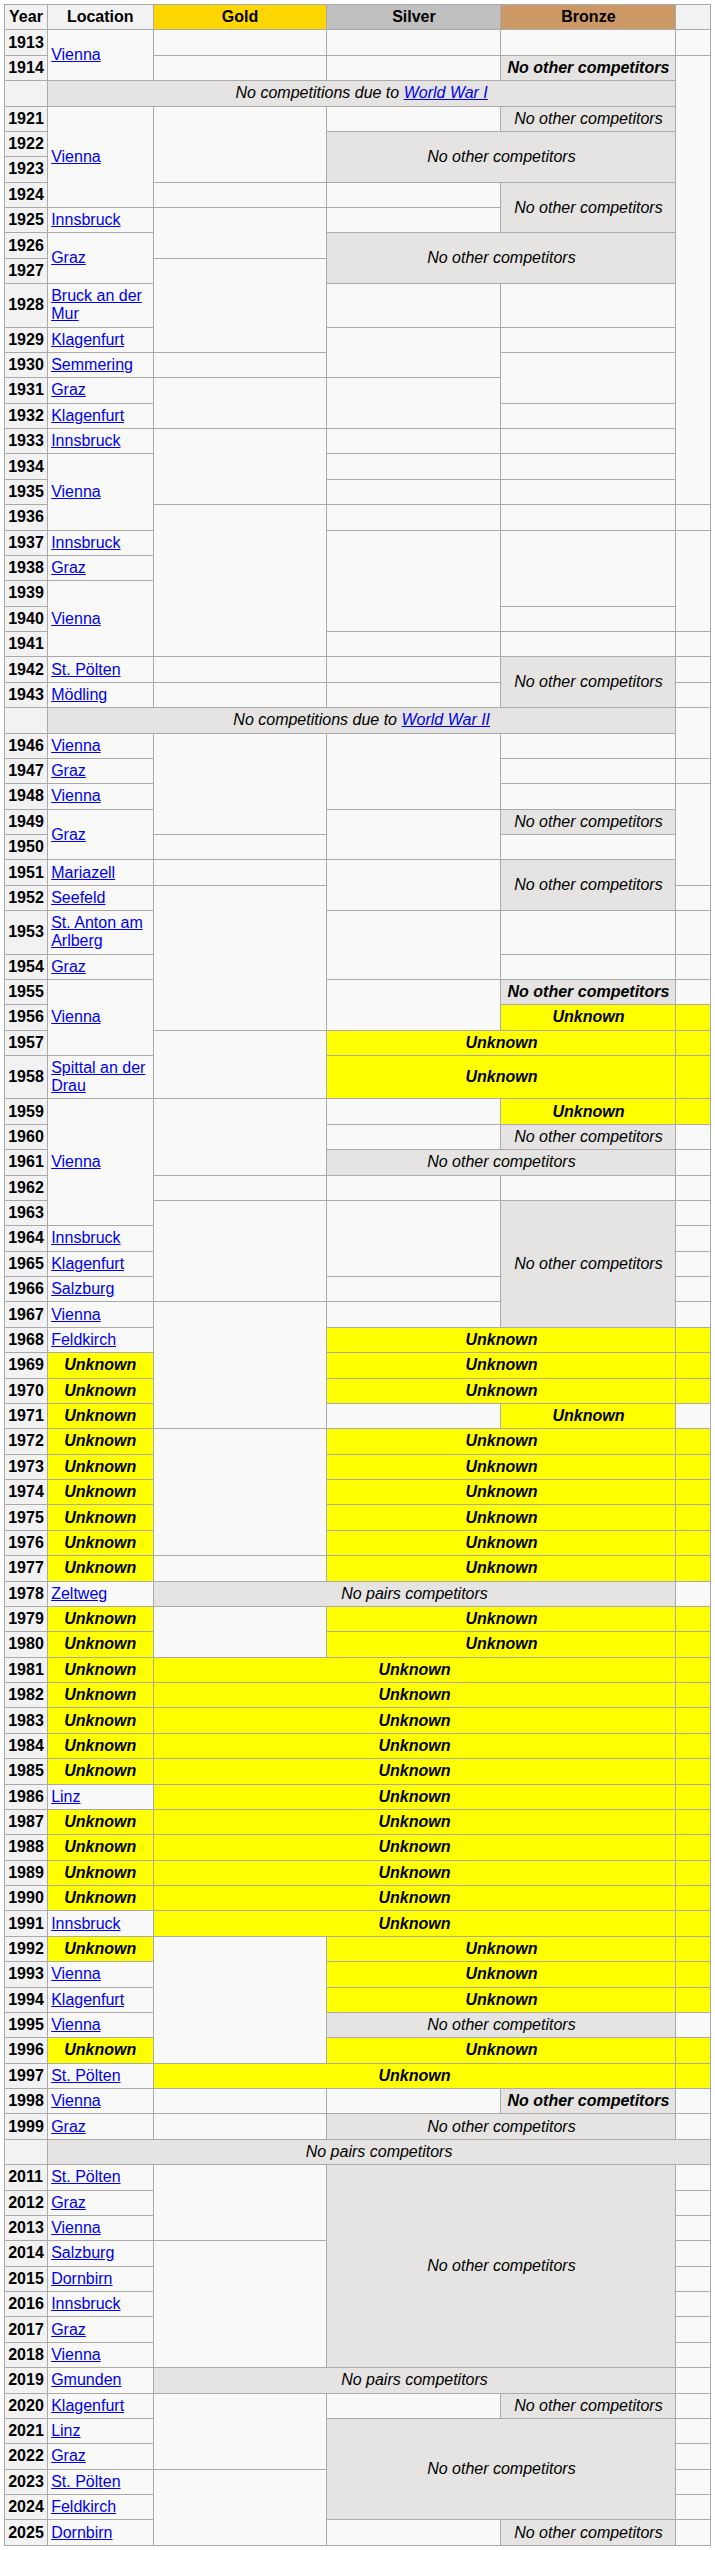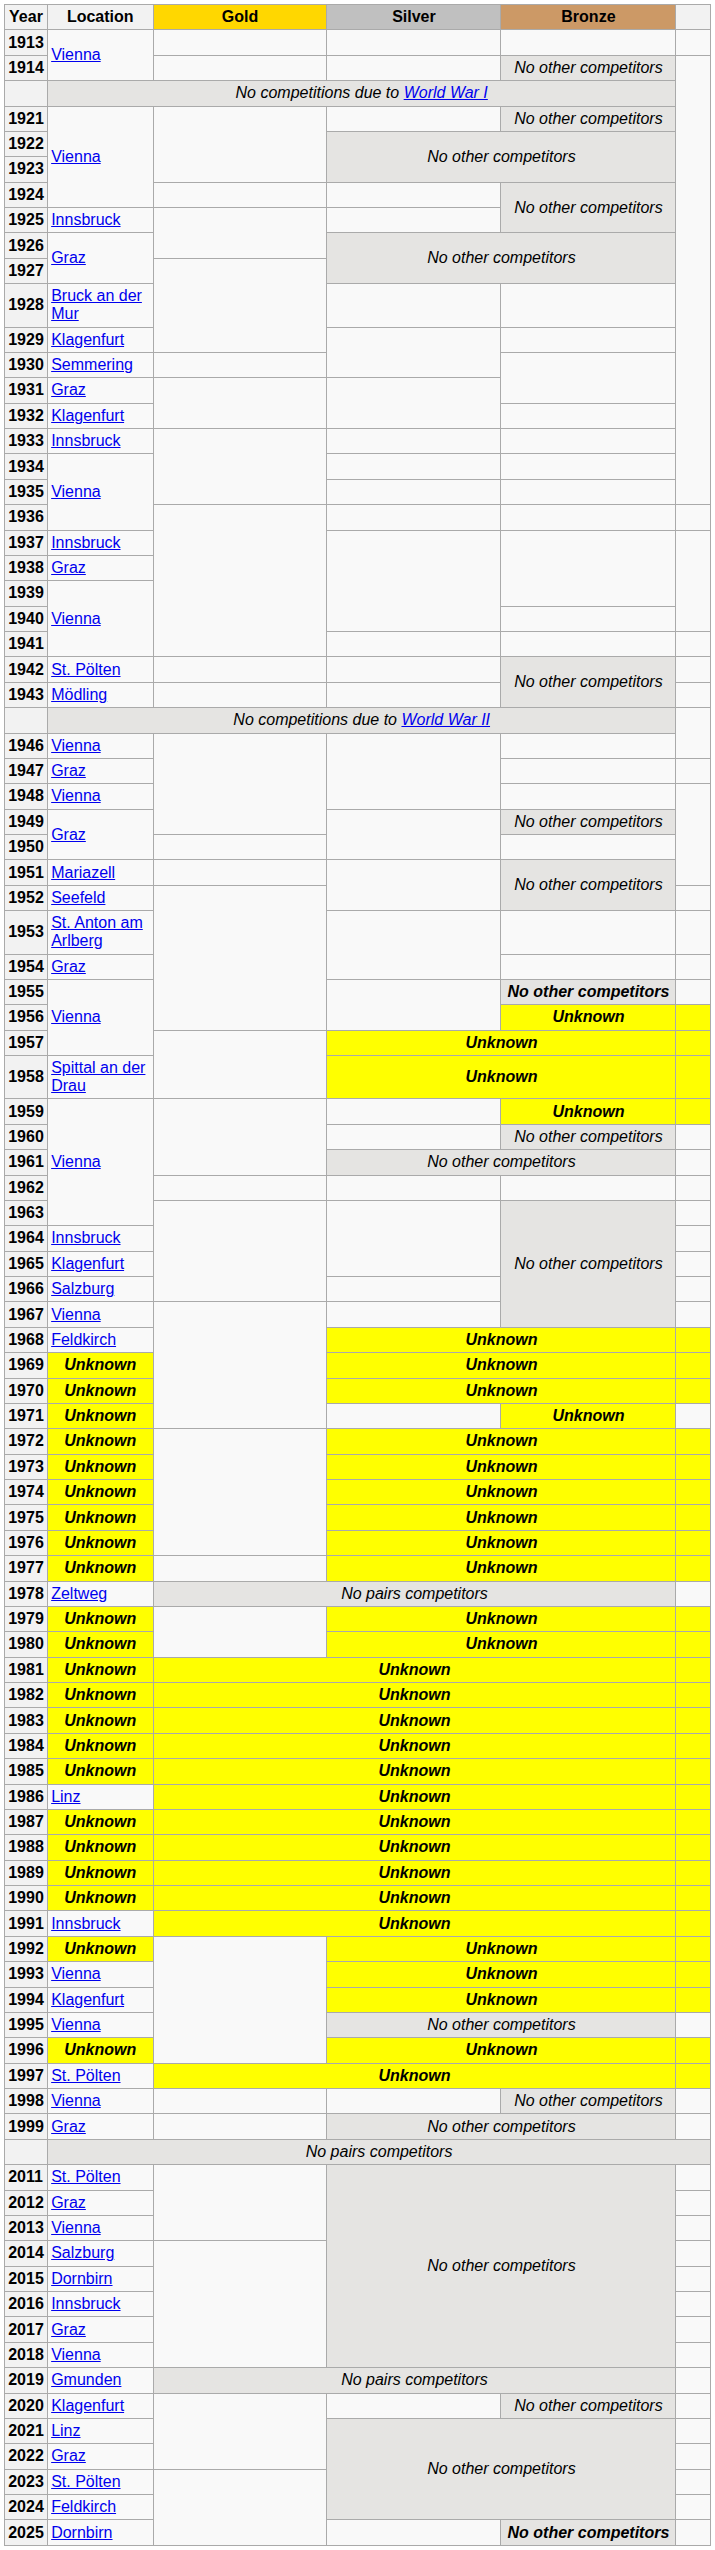 <table class="wikitable unsortable" style="text-align:left; width:80%">
 <tr>
 <th scope="col" style="text-align:center; width:5%">Year</th>
 <th scope="col" style="text-align:center; width:15%">Location</th>
 <th scope="col" style="text-align:center; width:25%; background:gold">Gold</th>
 <th scope="col" style="text-align:center; width:25%; background:silver">Silver</th>
 <th scope="col" style="text-align:center; width:25%; background:#c96">Bronze</th>
 <th scope="col" style="text-align:center; width:5%"></th>
 </tr>
 <tr>
 <th scope="row" style="text-align:left">1913</th>
 <td rowspan="2"><a href='#'>Vienna</a></td>
 <td></td>
 <td></td>
 <td></td>
 <td></td>
 </tr>
 <tr>
 <th scope="row" style="text-align:left">1914</th>
 <td></td>
 <td></td>
-<td bgcolor="e5e4e2" align="center"><strong><em>No other competitors</em></strong></td>
+<td bgcolor="e5e4e2" align="center"><em>No other competitors</em></td>
 <td rowspan="17"></td>
 </tr>
 <tr>
 <th scope="row" style="text-align:left"></th>
 <td colspan="4" align="center" bgcolor="e5e4e2"><em>No competitions due to <a href='#'>World War I</a></em></td>
 </tr>
 <tr>
 <th scope="row" style="text-align:left">1921</th>
 <td rowspan="4"><a href='#'>Vienna</a></td>
 <td rowspan="3"></td>
 <td></td>
 <td bgcolor="e5e4e2" align="center"><em>No other competitors</em></td>
 </tr>
 <tr>
 <th scope="row" style="text-align:left">1922</th>
 <td colspan="2" rowspan="2" bgcolor="e5e4e2" align="center"><em>No other competitors</em></td>
 </tr>
 <tr>
 <th scope="row" style="text-align:left">1923</th>
 </tr>
 <tr>
 <th scope="row" style="text-align:left">1924</th>
 <td></td>
 <td></td>
 <td rowspan="2" bgcolor="e5e4e2" align="center"><em>No other competitors</em></td>
 </tr>
 <tr>
 <th scope="row" style="text-align:left">1925</th>
 <td><a href='#'>Innsbruck</a></td>
 <td rowspan="2"></td>
 <td></td>
 </tr>
 <tr>
 <th scope="row" style="text-align:left">1926</th>
 <td rowspan="2"><a href='#'>Graz</a></td>
 <td colspan="2" rowspan="2" bgcolor="e5e4e2" align="center"><em>No other competitors</em></td>
 </tr>
 <tr>
 <th scope="row" style="text-align:left">1927</th>
 <td rowspan="3"></td>
 </tr>
 <tr>
 <th scope="row" style="text-align:left">1928</th>
 <td><a href='#'>Bruck an der Mur</a></td>
 <td></td>
 <td></td>
 </tr>
 <tr>
 <th scope="row" style="text-align:left">1929</th>
 <td><a href='#'>Klagenfurt</a></td>
 <td rowspan="2"></td>
 <td></td>
 </tr>
 <tr>
 <th scope="row" style="text-align:left">1930</th>
 <td><a href='#'>Semmering</a></td>
 <td></td>
 <td rowspan="2"></td>
 </tr>
 <tr>
 <th scope="row" style="text-align:left">1931</th>
 <td><a href='#'>Graz</a></td>
 <td rowspan="2"></td>
 <td rowspan="2"></td>
 </tr>
 <tr>
 <th scope="row" style="text-align:left">1932</th>
 <td><a href='#'>Klagenfurt</a></td>
 <td></td>
 </tr>
 <tr>
 <th scope="row" style="text-align:left">1933</th>
 <td><a href='#'>Innsbruck</a></td>
 <td rowspan="3"></td>
 <td></td>
 <td></td>
 </tr>
 <tr>
 <th scope="row" style="text-align:left">1934</th>
 <td rowspan="3"><a href='#'>Vienna</a></td>
 <td></td>
 <td></td>
 </tr>
 <tr>
 <th scope="row" style="text-align:left">1935</th>
 <td></td>
 <td></td>
 </tr>
 <tr>
 <th scope="row" style="text-align:left">1936</th>
 <td rowspan="6"></td>
 <td></td>
 <td></td>
 <td></td>
 </tr>
 <tr>
 <th scope="row" style="text-align:left">1937</th>
 <td><a href='#'>Innsbruck</a></td>
 <td rowspan="4"></td>
 <td rowspan="3"></td>
 <td rowspan="4"></td>
 </tr>
 <tr>
 <th scope="row" style="text-align:left">1938</th>
 <td><a href='#'>Graz</a></td>
 </tr>
 <tr>
 <th scope="row" style="text-align:left">1939</th>
 <td rowspan="3"><a href='#'>Vienna</a></td>
 </tr>
 <tr>
 <th scope="row" style="text-align:left">1940</th>
 <td></td>
 </tr>
 <tr>
 <th scope="row" style="text-align:left">1941</th>
 <td></td>
 <td></td>
 <td></td>
 </tr>
 <tr>
 <th scope="row" style="text-align:left">1942</th>
 <td><a href='#'>St. Pölten</a></td>
 <td></td>
 <td></td>
 <td rowspan="2" bgcolor="e5e4e2" align="center"><em>No other competitors</em></td>
 <td></td>
 </tr>
 <tr>
 <th scope="row" style="text-align:left">1943</th>
 <td><a href='#'>Mödling</a></td>
 <td></td>
 <td></td>
 <td></td>
 </tr>
 <tr>
 <th scope="row" style="text-align:left"></th>
 <td colspan="4" align="center" bgcolor="e5e4e2"><em>No competitions due to <a href='#'>World War II</a></em></td>
 <td rowspan="2"></td>
 </tr>
 <tr>
 <th scope="row" style="text-align:left">1946</th>
 <td><a href='#'>Vienna</a></td>
 <td rowspan="4"></td>
 <td rowspan="3"></td>
 <td></td>
 </tr>
 <tr>
 <th scope="row" style="text-align:left">1947</th>
 <td><a href='#'>Graz</a></td>
 <td></td>
 <td></td>
 </tr>
 <tr>
 <th scope="row" style="text-align:left">1948</th>
 <td><a href='#'>Vienna</a></td>
 <td></td>
 <td rowspan="4"></td>
 </tr>
 <tr>
 <th scope="row" style="text-align:left">1949</th>
 <td rowspan="2"><a href='#'>Graz</a></td>
 <td rowspan="2"></td>
 <td bgcolor="e5e4e2" align="center"><em>No other competitors</em></td>
 </tr>
 <tr>
 <th scope="row" style="text-align:left">1950</th>
 <td></td>
 <td></td>
 </tr>
 <tr>
 <th scope="row" style="text-align:left">1951</th>
 <td><a href='#'>Mariazell</a></td>
 <td></td>
 <td rowspan="2"></td>
 <td rowspan="2" bgcolor="e5e4e2" align="center"><em>No other competitors</em></td>
 </tr>
 <tr>
 <th scope="row" style="text-align:left">1952</th>
 <td><a href='#'>Seefeld</a></td>
 <td rowspan="5"></td>
 <td></td>
 </tr>
 <tr>
 <th scope="row" style="text-align:left">1953</th>
 <td><a href='#'>St. Anton am Arlberg</a></td>
 <td rowspan="2"></td>
 <td></td>
 <td></td>
 </tr>
 <tr>
 <th scope="row" style="text-align:left">1954</th>
 <td><a href='#'>Graz</a></td>
 <td></td>
 <td></td>
 </tr>
 <tr>
 <th scope="row" style="text-align:left">1955</th>
 <td rowspan="3"><a href='#'>Vienna</a></td>
 <td rowspan="2"></td>
 <td bgcolor="e5e4e2" align="center"><strong><em>No other competitors</em></strong></td>
 <td></td>
 </tr>
 <tr>
 <th scope="row" style="text-align:left">1956</th>
 <td bgcolor="yellow" align="center"><strong><em>Unknown</em></strong></td>
 <td bgcolor="yellow"></td>
 </tr>
 <tr>
 <th scope="row" style="text-align:left">1957</th>
 <td rowspan="2"></td>
 <td colspan="2" bgcolor="yellow" align="center"><strong><em>Unknown</em></strong></td>
 <td bgcolor="yellow"></td>
 </tr>
 <tr>
 <th scope="row" style="text-align:left">1958</th>
 <td><a href='#'>Spittal an der Drau</a></td>
 <td colspan="2" bgcolor="yellow" align="center"><strong><em>Unknown</em></strong></td>
 <td bgcolor="yellow"></td>
 </tr>
 <tr>
 <th scope="row" style="text-align:left">1959</th>
 <td rowspan="5"><a href='#'>Vienna</a></td>
 <td rowspan="3"></td>
 <td></td>
 <td align="center" bgcolor="yellow"><strong><em>Unknown</em></strong></td>
 <td bgcolor="yellow"></td>
 </tr>
 <tr>
 <th scope="row" style="text-align:left">1960</th>
 <td></td>
 <td bgcolor="e5e4e2" align="center"><em>No other competitors</em></td>
 <td></td>
 </tr>
 <tr>
 <th scope="row" style="text-align:left">1961</th>
 <td bgcolor="e5e4e2" align="center" colspan ="2"><em>No other competitors</em></td>
 <td></td>
 </tr>
 <tr>
 <th scope="row" style="text-align:left">1962</th>
 <td></td>
 <td></td>
 <td></td>
 <td></td>
 </tr>
 <tr>
 <th scope="row" style="text-align:left">1963</th>
 <td rowspan="4"></td>
 <td rowspan="3"></td>
 <td bgcolor="e5e4e2" align="center" rowspan="5"><em>No other competitors</em></td>
 <td></td>
 </tr>
 <tr>
 <th scope="row" style="text-align:left">1964</th>
 <td><a href='#'>Innsbruck</a></td>
 <td></td>
 </tr>
 <tr>
 <th scope="row" style="text-align:left">1965</th>
 <td><a href='#'>Klagenfurt</a></td>
 <td></td>
 </tr>
 <tr>
 <th scope="row" style="text-align:left">1966</th>
 <td><a href='#'>Salzburg</a></td>
 <td></td>
 <td></td>
 </tr>
 <tr>
 <th scope="row" style="text-align:left">1967</th>
 <td><a href='#'>Vienna</a></td>
 <td rowspan="5"></td>
 <td></td>
 <td></td>
 </tr>
 <tr>
 <th scope="row" style="text-align:left">1968</th>
 <td><a href='#'>Feldkirch</a></td>
 <td colspan="2" bgcolor="yellow" align="center"><strong><em>Unknown</em></strong></td>
 <td bgcolor="yellow"></td>
 </tr>
 <tr>
 <th scope="row" style="text-align:left">1969</th>
 <td bgcolor="yellow" align="center"><strong><em>Unknown</em></strong></td>
 <td colspan="2" bgcolor="yellow" align="center"><strong><em>Unknown</em></strong></td>
 <td bgcolor="yellow"></td>
 </tr>
 <tr>
 <th scope="row" style="text-align:left">1970</th>
 <td bgcolor="yellow" align="center"><strong><em>Unknown</em></strong></td>
 <td colspan="2" bgcolor="yellow" align="center"><strong><em>Unknown</em></strong></td>
 <td bgcolor="yellow"></td>
 </tr>
 <tr>
 <th scope="row" style="text-align:left">1971</th>
 <td bgcolor="yellow" align="center"><strong><em>Unknown</em></strong></td>
 <td></td>
 <td bgcolor="yellow" align="center"><strong><em>Unknown</em></strong></td>
 <td></td>
 </tr>
 <tr>
 <th scope="row" style="text-align:left">1972</th>
 <td bgcolor="yellow" align="center"><strong><em>Unknown</em></strong></td>
 <td rowspan="5"></td>
 <td colspan="2" bgcolor="yellow" align="center"><strong><em>Unknown</em></strong></td>
 <td bgcolor="yellow"></td>
 </tr>
 <tr>
 <th scope="row" style="text-align:left">1973</th>
 <td bgcolor="yellow" align="center"><strong><em>Unknown</em></strong></td>
 <td colspan="2" bgcolor="yellow" align="center"><strong><em>Unknown</em></strong></td>
 <td bgcolor="yellow"></td>
 </tr>
 <tr>
 <th scope="row" style="text-align:left">1974</th>
 <td bgcolor="yellow" align="center"><strong><em>Unknown</em></strong></td>
 <td colspan="2" bgcolor="yellow" align="center"><strong><em>Unknown</em></strong></td>
 <td bgcolor="yellow"></td>
 </tr>
 <tr>
 <th scope="row" style="text-align:left">1975</th>
 <td bgcolor="yellow" align="center"><strong><em>Unknown</em></strong></td>
 <td colspan="2" bgcolor="yellow" align="center"><strong><em>Unknown</em></strong></td>
 <td bgcolor="yellow"></td>
 </tr>
 <tr>
 <th scope="row" style="text-align:left">1976</th>
 <td bgcolor="yellow" align="center"><strong><em>Unknown</em></strong></td>
 <td colspan="2" bgcolor="yellow" align="center"><strong><em>Unknown</em></strong></td>
 <td bgcolor="yellow"></td>
 </tr>
 <tr>
 <th scope="row" style="text-align:left">1977</th>
 <td bgcolor="yellow" align="center"><strong><em>Unknown</em></strong></td>
 <td></td>
 <td colspan="2" bgcolor="yellow" align="center"><strong><em>Unknown</em></strong></td>
 <td bgcolor="yellow"></td>
 </tr>
 <tr>
 <th scope="row" style="text-align:left">1978</th>
 <td><a href='#'>Zeltweg</a></td>
 <td colspan="3" align="center" bgcolor="e5e4e2"><em>No pairs competitors</em></td>
 <td></td>
 </tr>
 <tr>
 <th scope="row" style="text-align:left">1979</th>
 <td bgcolor="yellow" align="center"><strong><em>Unknown</em></strong></td>
 <td rowspan="2"></td>
 <td colspan="2" bgcolor="yellow" align="center"><strong><em>Unknown</em></strong></td>
 <td bgcolor="yellow"></td>
 </tr>
 <tr>
 <th scope="row" style="text-align:left">1980</th>
 <td bgcolor="yellow" align="center"><strong><em>Unknown</em></strong></td>
 <td colspan="2" bgcolor="yellow" align="center"><strong><em>Unknown</em></strong></td>
 <td bgcolor="yellow"></td>
 </tr>
 <tr>
 <th scope="row" style="text-align:left">1981</th>
 <td bgcolor="yellow" align="center"><strong><em>Unknown</em></strong></td>
 <td colspan="3" bgcolor="yellow" align="center"><strong><em>Unknown</em></strong></td>
 <td bgcolor="yellow"></td>
 </tr>
 <tr>
 <th scope="row" style="text-align:left">1982</th>
 <td bgcolor="yellow" align="center"><strong><em>Unknown</em></strong></td>
 <td colspan="3" bgcolor="yellow" align="center"><strong><em>Unknown</em></strong></td>
 <td bgcolor="yellow"></td>
 </tr>
 <tr>
 <th scope="row" style="text-align:left">1983</th>
 <td bgcolor="yellow" align="center"><strong><em>Unknown</em></strong></td>
 <td colspan="3" bgcolor="yellow" align="center"><strong><em>Unknown</em></strong></td>
 <td bgcolor="yellow"></td>
 </tr>
 <tr>
 <th scope="row" style="text-align:left">1984</th>
 <td bgcolor="yellow" align="center"><strong><em>Unknown</em></strong></td>
 <td colspan="3" bgcolor="yellow" align="center"><strong><em>Unknown</em></strong></td>
 <td bgcolor="yellow"></td>
 </tr>
 <tr>
 <th scope="row" style="text-align:left">1985</th>
 <td bgcolor="yellow" align="center"><strong><em>Unknown</em></strong></td>
 <td colspan="3" bgcolor="yellow" align="center"><strong><em>Unknown</em></strong></td>
 <td bgcolor="yellow"></td>
 </tr>
 <tr>
 <th scope="row" style="text-align:left">1986</th>
 <td><a href='#'>Linz</a></td>
 <td colspan="3" bgcolor="yellow" align="center"><strong><em>Unknown</em></strong></td>
 <td bgcolor="yellow"></td>
 </tr>
 <tr>
 <th scope="row" style="text-align:left">1987</th>
 <td bgcolor="yellow" align="center"><strong><em>Unknown</em></strong></td>
 <td colspan="3" bgcolor="yellow" align="center"><strong><em>Unknown</em></strong></td>
 <td bgcolor="yellow"></td>
 </tr>
 <tr>
 <th scope="row" style="text-align:left">1988</th>
 <td bgcolor="yellow" align="center"><strong><em>Unknown</em></strong></td>
 <td colspan="3" bgcolor="yellow" align="center"><strong><em>Unknown</em></strong></td>
 <td bgcolor="yellow"></td>
 </tr>
 <tr>
 <th scope="row" style="text-align:left">1989</th>
 <td bgcolor="yellow" align="center"><strong><em>Unknown</em></strong></td>
 <td colspan="3" bgcolor="yellow" align="center"><strong><em>Unknown</em></strong></td>
 <td bgcolor="yellow"></td>
 </tr>
 <tr>
 <th scope="row" style="text-align:left">1990</th>
 <td bgcolor="yellow" align="center"><strong><em>Unknown</em></strong></td>
 <td colspan="3" bgcolor="yellow" align="center"><strong><em>Unknown</em></strong></td>
 <td bgcolor="yellow"></td>
 </tr>
 <tr>
 <th scope="row" style="text-align:left">1991</th>
 <td><a href='#'>Innsbruck</a></td>
 <td colspan="3" bgcolor="yellow" align="center"><strong><em>Unknown</em></strong></td>
 <td bgcolor="yellow"></td>
 </tr>
 <tr>
 <th scope="row" style="text-align:left">1992</th>
 <td bgcolor="yellow" align="center"><strong><em>Unknown</em></strong></td>
 <td rowspan="5"></td>
 <td colspan="2" align="center" bgcolor="yellow"><strong><em>Unknown</em></strong></td>
 <td bgcolor="yellow"></td>
 </tr>
 <tr>
 <th scope="row" style="text-align:left">1993</th>
 <td><a href='#'>Vienna</a></td>
 <td colspan="2" bgcolor="yellow" align="center"><strong><em>Unknown</em></strong></td>
 <td bgcolor="yellow"></td>
 </tr>
 <tr>
 <th scope="row" style="text-align:left">1994</th>
 <td><a href='#'>Klagenfurt</a></td>
 <td colspan="2" bgcolor="yellow" align="center"><strong><em>Unknown</em></strong></td>
 <td bgcolor="yellow"></td>
 </tr>
 <tr>
 <th scope="row" style="text-align:left">1995</th>
 <td><a href='#'>Vienna</a></td>
 <td colspan="2" bgcolor="e5e4e2" align="center"><em>No other competitors</em></td>
 <td></td>
 </tr>
 <tr>
 <th scope="row" style="text-align:left">1996</th>
 <td bgcolor="yellow" align="center"><strong><em>Unknown</em></strong></td>
 <td colspan="2" bgcolor="yellow" align="center"><strong><em>Unknown</em></strong></td>
 <td bgcolor="yellow"></td>
 </tr>
 <tr>
 <th scope="row" style="text-align:left">1997</th>
 <td><a href='#'>St. Pölten</a></td>
 <td colspan="3" bgcolor="yellow" align="center"><strong><em>Unknown</em></strong></td>
 <td bgcolor="yellow"></td>
 </tr>
 <tr>
 <th scope="row" style="text-align:left">1998</th>
 <td><a href='#'>Vienna</a></td>
 <td></td>
 <td></td>
-<td align="center" bgcolor="e5e4e2"><strong><em>No other competitors</em></strong></td>
+<td align="center" bgcolor="e5e4e2"><em>No other competitors</em></td>
 <td></td>
 </tr>
 <tr>
 <th scope="row" style="text-align:left">1999</th>
 <td><a href='#'>Graz</a></td>
 <td></td>
 <td colspan="2" align="center" bgcolor="e5e4e2"><em>No other competitors</em></td>
 <td></td>
 </tr>
 <tr>
 <th scope="row" style="text-align:left"></th>
 <td colspan="5" align="center" bgcolor="e5e4e2"><em>No pairs competitors</em></td>
 </tr>
 <tr>
 <th scope="row" style="text-align:left">2011</th>
 <td><a href='#'>St. Pölten</a></td>
 <td rowspan="3"></td>
 <td colspan="2" rowspan="8" align="center" bgcolor="e5e4e2"><em>No other competitors</em></td>
 <td></td>
 </tr>
 <tr>
 <th scope="row" style="text-align:left">2012</th>
 <td><a href='#'>Graz</a></td>
 <td></td>
 </tr>
 <tr>
 <th scope="row" style="text-align:left">2013</th>
 <td><a href='#'>Vienna</a></td>
 <td></td>
 </tr>
 <tr>
 <th scope="row" style="text-align:left">2014</th>
 <td><a href='#'>Salzburg</a></td>
 <td rowspan="5"></td>
 <td></td>
 </tr>
 <tr>
 <th scope="row" style="text-align:left">2015</th>
 <td><a href='#'>Dornbirn</a></td>
 <td></td>
 </tr>
 <tr>
 <th scope="row" style="text-align:left">2016</th>
 <td><a href='#'>Innsbruck</a></td>
 <td></td>
 </tr>
 <tr>
 <th scope="row" style="text-align:left">2017</th>
 <td><a href='#'>Graz</a></td>
 <td></td>
 </tr>
 <tr>
 <th scope="row" style="text-align:left">2018</th>
 <td><a href='#'>Vienna</a></td>
 <td></td>
 </tr>
 <tr>
 <th scope="row" style="text-align:left">2019</th>
 <td><a href='#'>Gmunden</a></td>
 <td colspan="3" align="center" bgcolor="e5e4e2"><em>No pairs competitors</em></td>
 <td></td>
 </tr>
 <tr>
 <th scope="row" style="text-align:left">2020</th>
 <td><a href='#'>Klagenfurt</a></td>
 <td rowspan="3"></td>
 <td></td>
 <td align="center" bgcolor="e5e4e2"><em>No other competitors</em></td>
 <td></td>
 </tr>
 <tr>
 <th scope="row" style="text-align:left">2021</th>
 <td><a href='#'>Linz</a></td>
 <td colspan="2" rowspan="4" align="center" bgcolor="e5e4e2"><em>No other competitors</em></td>
 <td></td>
 </tr>
 <tr>
 <th scope="row" style="text-align:left">2022</th>
 <td><a href='#'>Graz</a></td>
 <td></td>
 </tr>
 <tr>
 <th scope="row" style="text-align:left">2023</th>
 <td><a href='#'>St. Pölten</a></td>
 <td rowspan="3"></td>
 <td></td>
 </tr>
 <tr>
 <th scope="row" style="text-align:left">2024</th>
 <td><a href='#'>Feldkirch</a></td>
 <td></td>
 </tr>
 <tr>
 <th scope="row" style="text-align:left">2025</th>
 <td><a href='#'>Dornbirn</a></td>
 <td></td>
-<td align="center" bgcolor="e5e4e2"><em>No other competitors</em></td>
+<td align="center" bgcolor="e5e4e2"><strong><em>No other competitors</em></strong></td>
 <td></td>
 </tr>
 </table>
